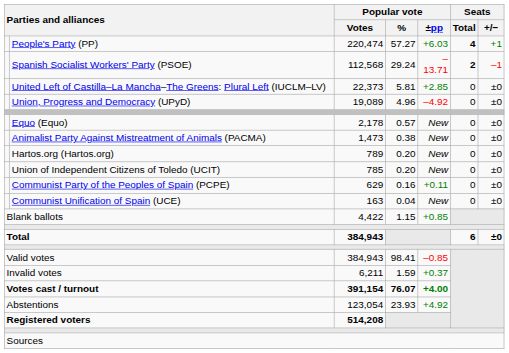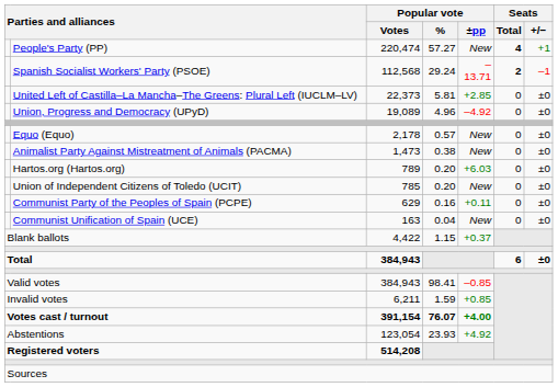 <table class="wikitable" style="text-align:right;">
 <tr>
 <th style="text-align:left;" rowspan="2" colspan="2" width="525">Parties and alliances</th>
 <th colspan="3">Popular vote</th>
 <th colspan="2">Seats</th>
 </tr>
 <tr>
 <th width="75">Votes</th>
 <th width="45">%</th>
 <th width="45">±<a href='#'>pp</a></th>
 <th width="35">Total</th>
 <th width="35">+/−</th>
 </tr>
 <tr>
 <td width="1" style="color:inherit;background:"></td>
 <td align="left"><a href='#'>People's Party</a> (PP)</td>
 <td>220,474</td>
 <td>57.27</td>
-<td style="color:green;">+6.03</td>
+<td><em>New</em></td>
 <td><strong>4</strong></td>
 <td style="color:green;">+1</td>
 </tr>
 <tr>
 <td style="color:inherit;background:"></td>
 <td align="left"><a href='#'>Spanish Socialist Workers' Party</a> (PSOE)</td>
 <td>112,568</td>
 <td>29.24</td>
 <td style="color:red;">–13.71</td>
 <td><strong>2</strong></td>
 <td style="color:red;">–1</td>
 </tr>
 <tr>
 <td style="color:inherit;background:"></td>
 <td align="left"><a href='#'>United Left of Castilla–La Mancha</a>–<a href='#'>The Greens</a>: <a href='#'>Plural Left</a> (IUCLM–LV)</td>
 <td>22,373</td>
 <td>5.81</td>
 <td style="color:green;">+2.85</td>
 <td>0</td>
 <td>±0</td>
 </tr>
 <tr>
 <td style="color:inherit;background:"></td>
 <td align="left"><a href='#'>Union, Progress and Democracy</a> (UPyD)</td>
 <td>19,089</td>
 <td>4.96</td>
 <td style="color:red;">–4.92</td>
 <td>0</td>
 <td>±0</td>
 </tr>
 <tr>
 <td colspan="7" bgcolor="#C0C0C0"></td>
 </tr>
 <tr>
 <td style="color:inherit;background:"></td>
 <td align="left"><a href='#'>Equo</a> (Equo)</td>
 <td>2,178</td>
 <td>0.57</td>
 <td><em>New</em></td>
 <td>0</td>
 <td>±0</td>
 </tr>
 <tr>
 <td style="color:inherit;background:"></td>
 <td align="left"><a href='#'>Animalist Party Against Mistreatment of Animals</a> (PACMA)</td>
 <td>1,473</td>
 <td>0.38</td>
 <td><em>New</em></td>
 <td>0</td>
 <td>±0</td>
 </tr>
 <tr>
 <td style="color:inherit;background:"></td>
 <td align="left">Hartos.org (Hartos.org)</td>
 <td>789</td>
 <td>0.20</td>
-<td><em>New</em></td>
+<td style="color:green;">+6.03</td>
 <td>0</td>
 <td>±0</td>
 </tr>
 <tr>
 <td style="color:inherit;background:"></td>
 <td align="left">Union of Independent Citizens of Toledo (UCIT)</td>
 <td>785</td>
 <td>0.20</td>
 <td><em>New</em></td>
 <td>0</td>
 <td>±0</td>
 </tr>
 <tr>
 <td style="color:inherit;background:"></td>
 <td align="left"><a href='#'>Communist Party of the Peoples of Spain</a> (PCPE)</td>
 <td>629</td>
 <td>0.16</td>
 <td style="color:green;">+0.11</td>
 <td>0</td>
 <td>±0</td>
 </tr>
 <tr>
 <td style="color:inherit;background:"></td>
 <td align="left"><a href='#'>Communist Unification of Spain</a> (UCE)</td>
 <td>163</td>
 <td>0.04</td>
 <td><em>New</em></td>
 <td>0</td>
 <td>±0</td>
 </tr>
 <tr>
 <td align="left" colspan="2">Blank ballots</td>
 <td>4,422</td>
 <td>1.15</td>
-<td style="color:green;">+0.85</td>
+<td style="color:green;">+0.37</td>
 <td bgcolor="#E9E9E9" colspan="2"></td>
 </tr>
 <tr>
 <td colspan="7" bgcolor="#E9E9E9"></td>
 </tr>
 <tr style="font-weight:bold;">
 <td align="left" colspan="2">Total</td>
 <td>384,943</td>
 <td bgcolor="#E9E9E9" colspan="2"></td>
 <td>6</td>
 <td>±0</td>
 </tr>
 <tr>
 <td colspan="7" bgcolor="#E9E9E9"></td>
 </tr>
 <tr>
 <td align="left" colspan="2">Valid votes</td>
 <td>384,943</td>
 <td>98.41</td>
 <td style="color:red;">–0.85</td>
 <td bgcolor="#E9E9E9" colspan="2" rowspan="5"></td>
 </tr>
 <tr>
 <td align="left" colspan="2">Invalid votes</td>
 <td>6,211</td>
 <td>1.59</td>
-<td style="color:green;">+0.37</td>
+<td style="color:green;">+0.85</td>
 </tr>
 <tr style="font-weight:bold;">
 <td align="left" colspan="2">Votes cast / turnout</td>
 <td>391,154</td>
 <td>76.07</td>
 <td style="color:green;">+4.00</td>
 </tr>
 <tr>
 <td align="left" colspan="2">Abstentions</td>
 <td>123,054</td>
 <td>23.93</td>
 <td style="color:green;">+4.92</td>
 </tr>
 <tr style="font-weight:bold;">
 <td align="left" colspan="2">Registered voters</td>
 <td>514,208</td>
 <td bgcolor="#E9E9E9" colspan="2"></td>
 </tr>
 <tr>
 <td colspan="7" bgcolor="#E9E9E9"></td>
 </tr>
 <tr>
 <td align="left" colspan="7">Sources</td>
 </tr>
 </table>
